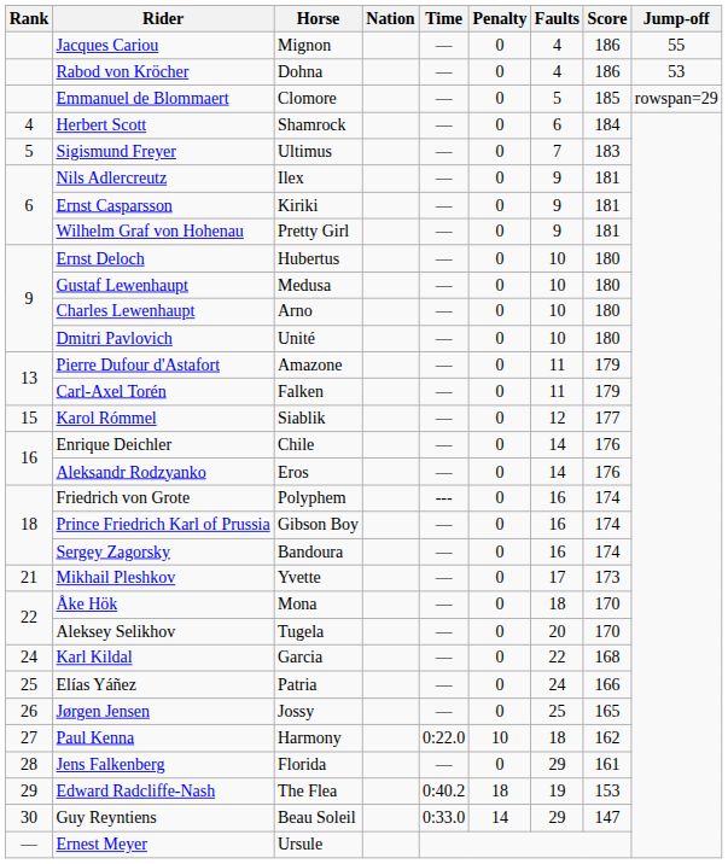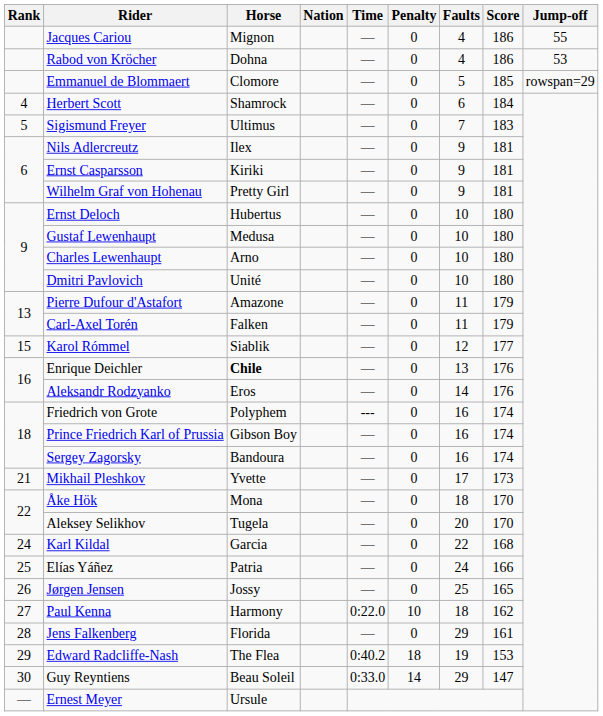 <table class="wikitable sortable" style="text-align:center">
 <tr>
 <th>Rank</th>
 <th>Rider</th>
 <th>Horse</th>
 <th>Nation</th>
 <th>Time</th>
 <th>Penalty</th>
 <th>Faults</th>
 <th>Score</th>
 <th>Jump-off</th>
 </tr>
 <tr>
 <td></td>
 <td align=left><a href='#'>Jacques Cariou</a></td>
 <td align=left>Mignon</td>
 <td align=left></td>
 <td data-sort-value=0:00.0>—</td>
 <td>0</td>
 <td>4</td>
 <td>186</td>
 <td>55</td>
 </tr>
 <tr>
 <td></td>
 <td align=left><a href='#'>Rabod von Kröcher</a></td>
 <td align=left>Dohna</td>
 <td align=left></td>
 <td data-sort-value=0:00.0>—</td>
 <td>0</td>
 <td>4</td>
 <td>186</td>
 <td>53</td>
 </tr>
 <tr>
 <td></td>
 <td align=left><a href='#'>Emmanuel de Blommaert</a></td>
 <td align=left>Clomore</td>
 <td align=left></td>
 <td data-sort-value=0:00.0>—</td>
 <td>0</td>
 <td>5</td>
 <td>185</td>
 <td>rowspan=29 </td>
 </tr>
 <tr>
 <td>4</td>
 <td align=left><a href='#'>Herbert Scott</a></td>
 <td align=left>Shamrock</td>
 <td align=left></td>
 <td data-sort-value=0:00.0>—</td>
 <td>0</td>
 <td>6</td>
 <td>184</td>
 </tr>
 <tr>
 <td>5</td>
 <td align=left><a href='#'>Sigismund Freyer</a></td>
 <td align=left>Ultimus</td>
 <td align=left></td>
 <td data-sort-value=0:00.0>—</td>
 <td>0</td>
 <td>7</td>
 <td>183</td>
 </tr>
 <tr>
 <td rowspan=3>6</td>
 <td align=left><a href='#'>Nils Adlercreutz</a></td>
 <td align=left>Ilex</td>
 <td align=left></td>
 <td data-sort-value=0:00.0>—</td>
 <td>0</td>
 <td>9</td>
 <td>181</td>
 </tr>
 <tr>
 <td align=left><a href='#'>Ernst Casparsson</a></td>
 <td align=left>Kiriki</td>
 <td align=left></td>
 <td data-sort-value=0:00.0>—</td>
 <td>0</td>
 <td>9</td>
 <td>181</td>
 </tr>
 <tr>
 <td align=left><a href='#'>Wilhelm Graf von Hohenau</a></td>
 <td align=left>Pretty Girl</td>
 <td align=left></td>
 <td data-sort-value=0:00.0>—</td>
 <td>0</td>
 <td>9</td>
 <td>181</td>
 </tr>
 <tr>
 <td rowspan=4>9</td>
 <td align=left><a href='#'>Ernst Deloch</a></td>
 <td align=left>Hubertus</td>
 <td align=left></td>
 <td data-sort-value=0:00.0>—</td>
 <td>0</td>
 <td>10</td>
 <td>180</td>
 </tr>
 <tr>
 <td align=left><a href='#'>Gustaf Lewenhaupt</a></td>
 <td align=left>Medusa</td>
 <td align=left></td>
 <td data-sort-value=0:00.0>—</td>
 <td>0</td>
 <td>10</td>
 <td>180</td>
 </tr>
 <tr>
 <td align=left><a href='#'>Charles Lewenhaupt</a></td>
 <td align=left>Arno</td>
 <td align=left></td>
 <td data-sort-value=0:00.0>—</td>
 <td>0</td>
 <td>10</td>
 <td>180</td>
 </tr>
 <tr>
 <td align=left><a href='#'>Dmitri Pavlovich</a></td>
 <td align=left>Unité</td>
 <td align=left></td>
 <td data-sort-value=0:00.0>—</td>
 <td>0</td>
 <td>10</td>
 <td>180</td>
 </tr>
 <tr>
 <td rowspan=2>13</td>
 <td align=left><a href='#'>Pierre Dufour d'Astafort</a></td>
 <td align=left>Amazone</td>
 <td align=left></td>
 <td data-sort-value=0:00.0>—</td>
 <td>0</td>
 <td>11</td>
 <td>179</td>
 </tr>
 <tr>
 <td align=left><a href='#'>Carl-Axel Torén</a></td>
 <td align=left>Falken</td>
 <td align=left></td>
 <td data-sort-value=0:00.0>—</td>
 <td>0</td>
 <td>11</td>
 <td>179</td>
 </tr>
 <tr>
 <td>15</td>
 <td align=left><a href='#'>Karol Rómmel</a></td>
 <td align=left>Siablik</td>
 <td align=left></td>
 <td data-sort-value=0:00.0>—</td>
 <td>0</td>
 <td>12</td>
 <td>177</td>
 </tr>
 <tr>
 <td rowspan=2>16</td>
 <td align=left>Enrique Deichler</td>
-<td align=left>Chile</td>
+<td align=left><strong>Chile</strong></td>
 <td align=left></td>
 <td data-sort-value=0:00.0>—</td>
 <td>0</td>
-<td>14</td>
+<td>13</td>
 <td>176</td>
 </tr>
 <tr>
 <td align=left><a href='#'>Aleksandr Rodzyanko</a></td>
 <td align=left>Eros</td>
 <td align=left></td>
 <td data-sort-value=0:00.0>—</td>
 <td>0</td>
 <td>14</td>
 <td>176</td>
 </tr>
 <tr>
 <td rowspan=3>18</td>
 <td align=left>Friedrich von Grote</td>
 <td align=left>Polyphem</td>
 <td align=left></td>
 <td>---</td>
 <td>0</td>
 <td>16</td>
 <td>174</td>
 </tr>
 <tr>
 <td align=left><a href='#'>Prince Friedrich Karl of Prussia</a></td>
 <td align=left>Gibson Boy</td>
 <td align=left></td>
 <td data-sort-value=0:00.0>—</td>
 <td>0</td>
 <td>16</td>
 <td>174</td>
 </tr>
 <tr>
 <td align=left><a href='#'>Sergey Zagorsky</a></td>
 <td align=left>Bandoura</td>
 <td align=left></td>
 <td data-sort-value=0:00.0>—</td>
 <td>0</td>
 <td>16</td>
 <td>174</td>
 </tr>
 <tr>
 <td>21</td>
 <td align=left><a href='#'>Mikhail Pleshkov</a></td>
 <td align=left>Yvette</td>
 <td align=left></td>
 <td data-sort-value=0:00.0>—</td>
 <td>0</td>
 <td>17</td>
 <td>173</td>
 </tr>
 <tr>
 <td rowspan=2>22</td>
 <td align=left><a href='#'>Åke Hök</a></td>
 <td align=left>Mona</td>
 <td align=left></td>
 <td data-sort-value=0:00.0>—</td>
 <td>0</td>
 <td>18</td>
 <td>170</td>
 </tr>
 <tr>
 <td align=left>Aleksey Selikhov</td>
 <td align=left>Tugela</td>
 <td align=left></td>
 <td data-sort-value=0:00.0>—</td>
 <td>0</td>
 <td>20</td>
 <td>170</td>
 </tr>
 <tr>
 <td>24</td>
 <td align=left><a href='#'>Karl Kildal</a></td>
 <td align=left>Garcia</td>
 <td align=left></td>
 <td data-sort-value=0:00.0>—</td>
 <td>0</td>
 <td>22</td>
 <td>168</td>
 </tr>
 <tr>
 <td>25</td>
 <td align=left>Elías Yáñez</td>
 <td align=left>Patria</td>
 <td align=left></td>
 <td data-sort-value=0:00.0>—</td>
 <td>0</td>
 <td>24</td>
 <td>166</td>
 </tr>
 <tr>
 <td>26</td>
 <td align=left><a href='#'>Jørgen Jensen</a></td>
 <td align=left>Jossy</td>
 <td align=left></td>
 <td data-sort-value=0:00.0>—</td>
 <td>0</td>
 <td>25</td>
 <td>165</td>
 </tr>
 <tr>
 <td>27</td>
 <td align=left><a href='#'>Paul Kenna</a></td>
 <td align=left>Harmony</td>
 <td align=left></td>
 <td>0:22.0</td>
 <td>10</td>
 <td>18</td>
 <td>162</td>
 </tr>
 <tr>
 <td>28</td>
 <td align=left><a href='#'>Jens Falkenberg</a></td>
 <td align=left>Florida</td>
 <td align=left></td>
 <td data-sort-value=0:00.0>—</td>
 <td>0</td>
 <td>29</td>
 <td>161</td>
 </tr>
 <tr>
 <td>29</td>
 <td align=left><a href='#'>Edward Radcliffe-Nash</a></td>
 <td align=left>The Flea</td>
 <td align=left></td>
 <td>0:40.2</td>
 <td>18</td>
 <td>19</td>
 <td>153</td>
 </tr>
 <tr>
 <td>30</td>
 <td align=left>Guy Reyntiens</td>
 <td align=left>Beau Soleil</td>
 <td align=left></td>
 <td>0:33.0</td>
 <td>14</td>
 <td>29</td>
 <td>147</td>
 </tr>
 <tr>
 <td data-sort-value=31>—</td>
 <td align=left><a href='#'>Ernest Meyer</a></td>
 <td align=left>Ursule</td>
 <td align=left></td>
 <td colspan=4 data-sort-value=0></td>
 </tr>
 </table>
